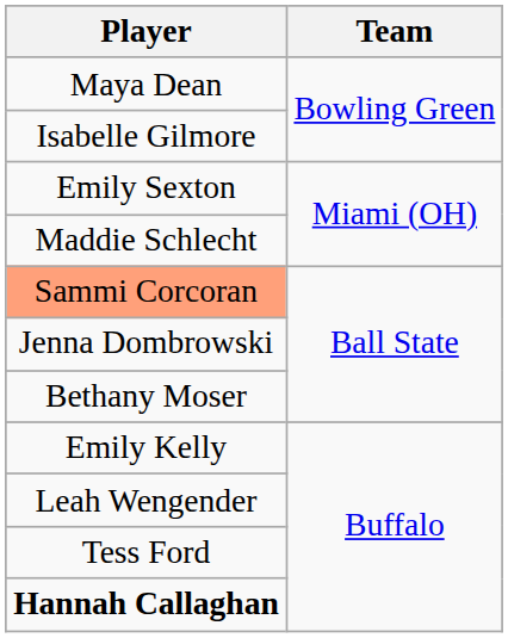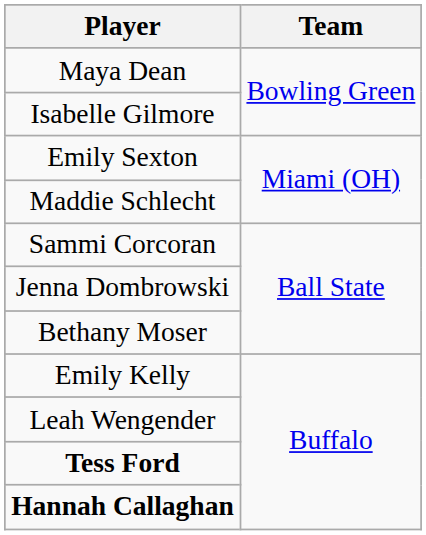 <table class="wikitable" style="text-align: center;">
 <tr>
 <th>Player</th>
 <th>Team</th>
 </tr>
 <tr>
 <td>Maya Dean</td>
 <td rowspan=2><a href='#'>Bowling Green</a></td>
 </tr>
 <tr>
 <td>Isabelle Gilmore</td>
 </tr>
 <tr>
 <td>Emily Sexton</td>
 <td rowspan=2><a href='#'>Miami (OH)</a></td>
 </tr>
 <tr>
 <td>Maddie Schlecht</td>
 </tr>
 <tr>
-<td style="background: lightsalmon;">Sammi Corcoran</td>
+<td>Sammi Corcoran</td>
 <td rowspan=3><a href='#'>Ball State</a></td>
 </tr>
 <tr>
 <td>Jenna Dombrowski</td>
 </tr>
 <tr>
 <td>Bethany Moser</td>
 </tr>
 <tr>
 <td>Emily Kelly</td>
 <td rowspan=4><a href='#'>Buffalo</a></td>
 </tr>
 <tr>
 <td>Leah Wengender</td>
 </tr>
 <tr>
-<td>Tess Ford</td>
+<td><strong>Tess Ford</strong></td>
 </tr>
 <tr>
 <td><strong>Hannah Callaghan</strong></td>
 </tr>
 </table>
